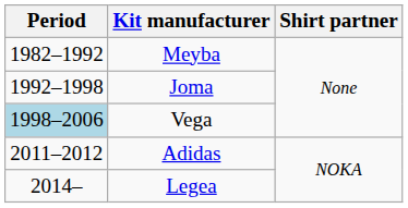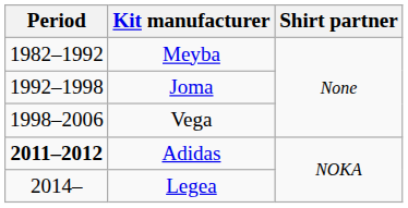 <table class="wikitable" style="text-align: center">
 <tr>
 <th>Period</th>
 <th><a href='#'>Kit</a> manufacturer</th>
 <th>Shirt partner</th>
 </tr>
 <tr>
 <td>1982–1992</td>
 <td><a href='#'>Meyba</a></td>
 <td rowspan=3><small><em>None</em></small></td>
 </tr>
 <tr>
 <td>1992–1998</td>
 <td><a href='#'>Joma</a></td>
 </tr>
 <tr>
-<td style="background: lightblue;">1998–2006</td>
+<td>1998–2006</td>
 <td>Vega</td>
 </tr>
 <tr>
-<td>2011–2012</td>
+<td><strong>2011–2012</strong></td>
 <td><a href='#'>Adidas</a></td>
 <td rowspan=3><small><em>NOKA</em></small></td>
 </tr>
 <tr>
 <td>2014–</td>
 <td><a href='#'>Legea</a></td>
 </tr>
 </table>
